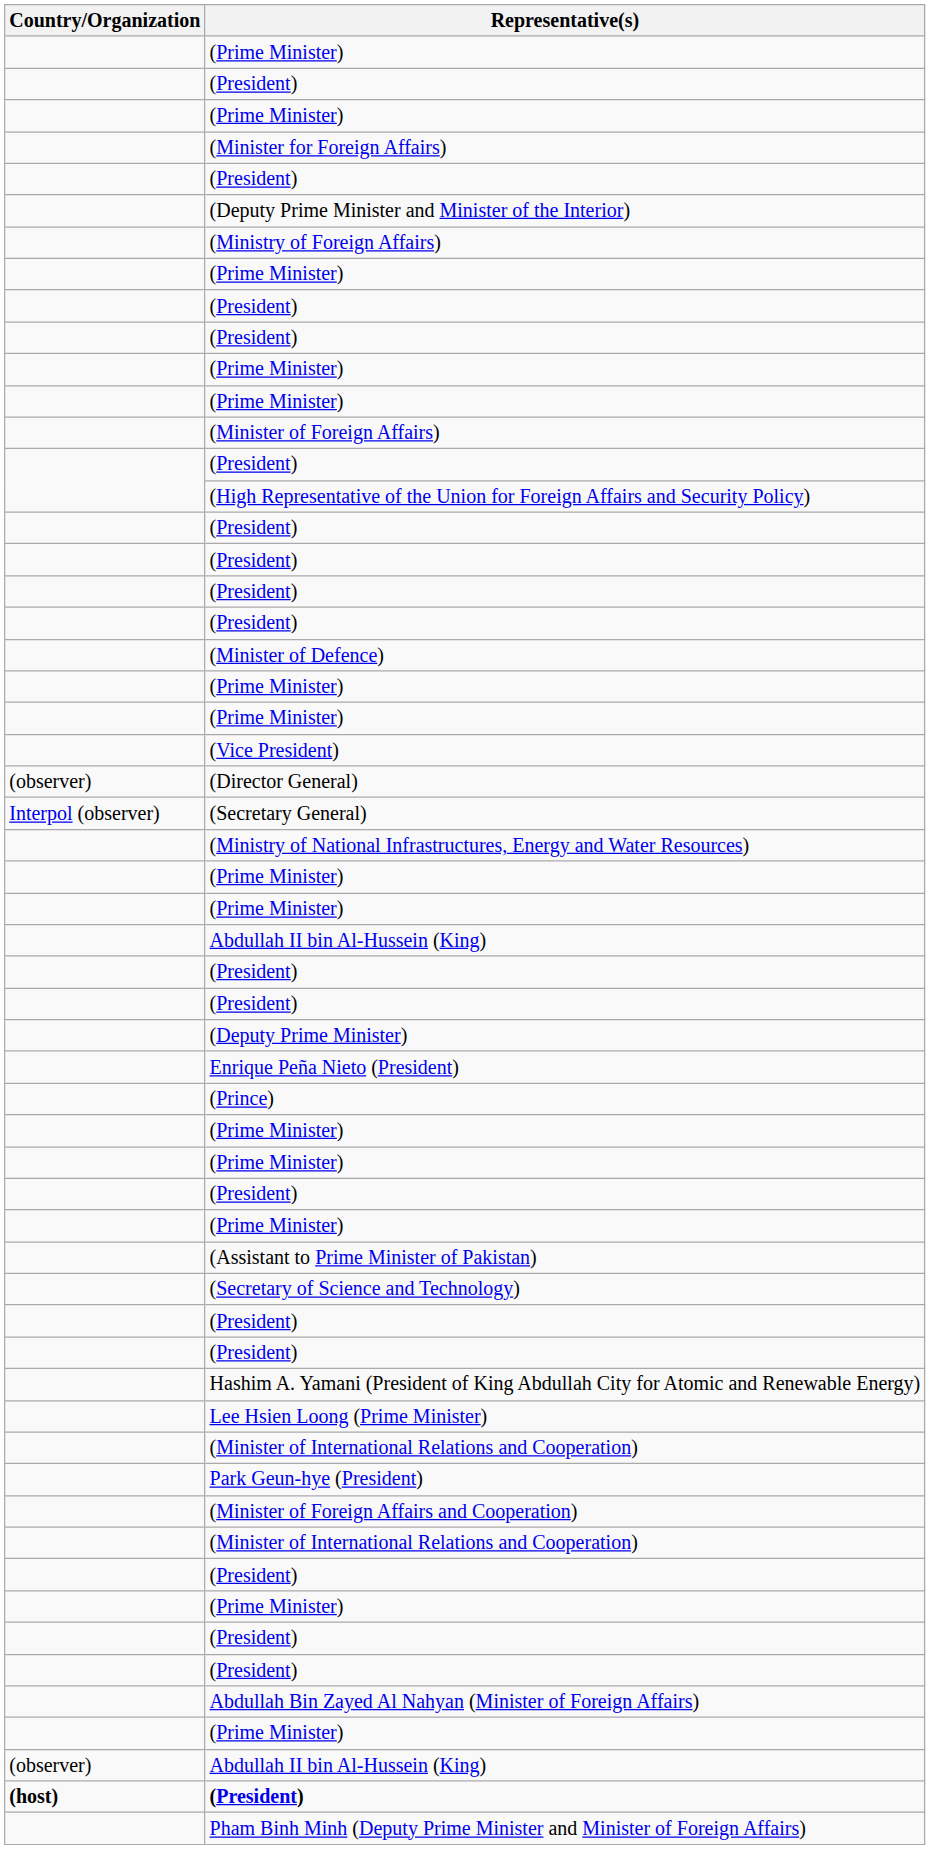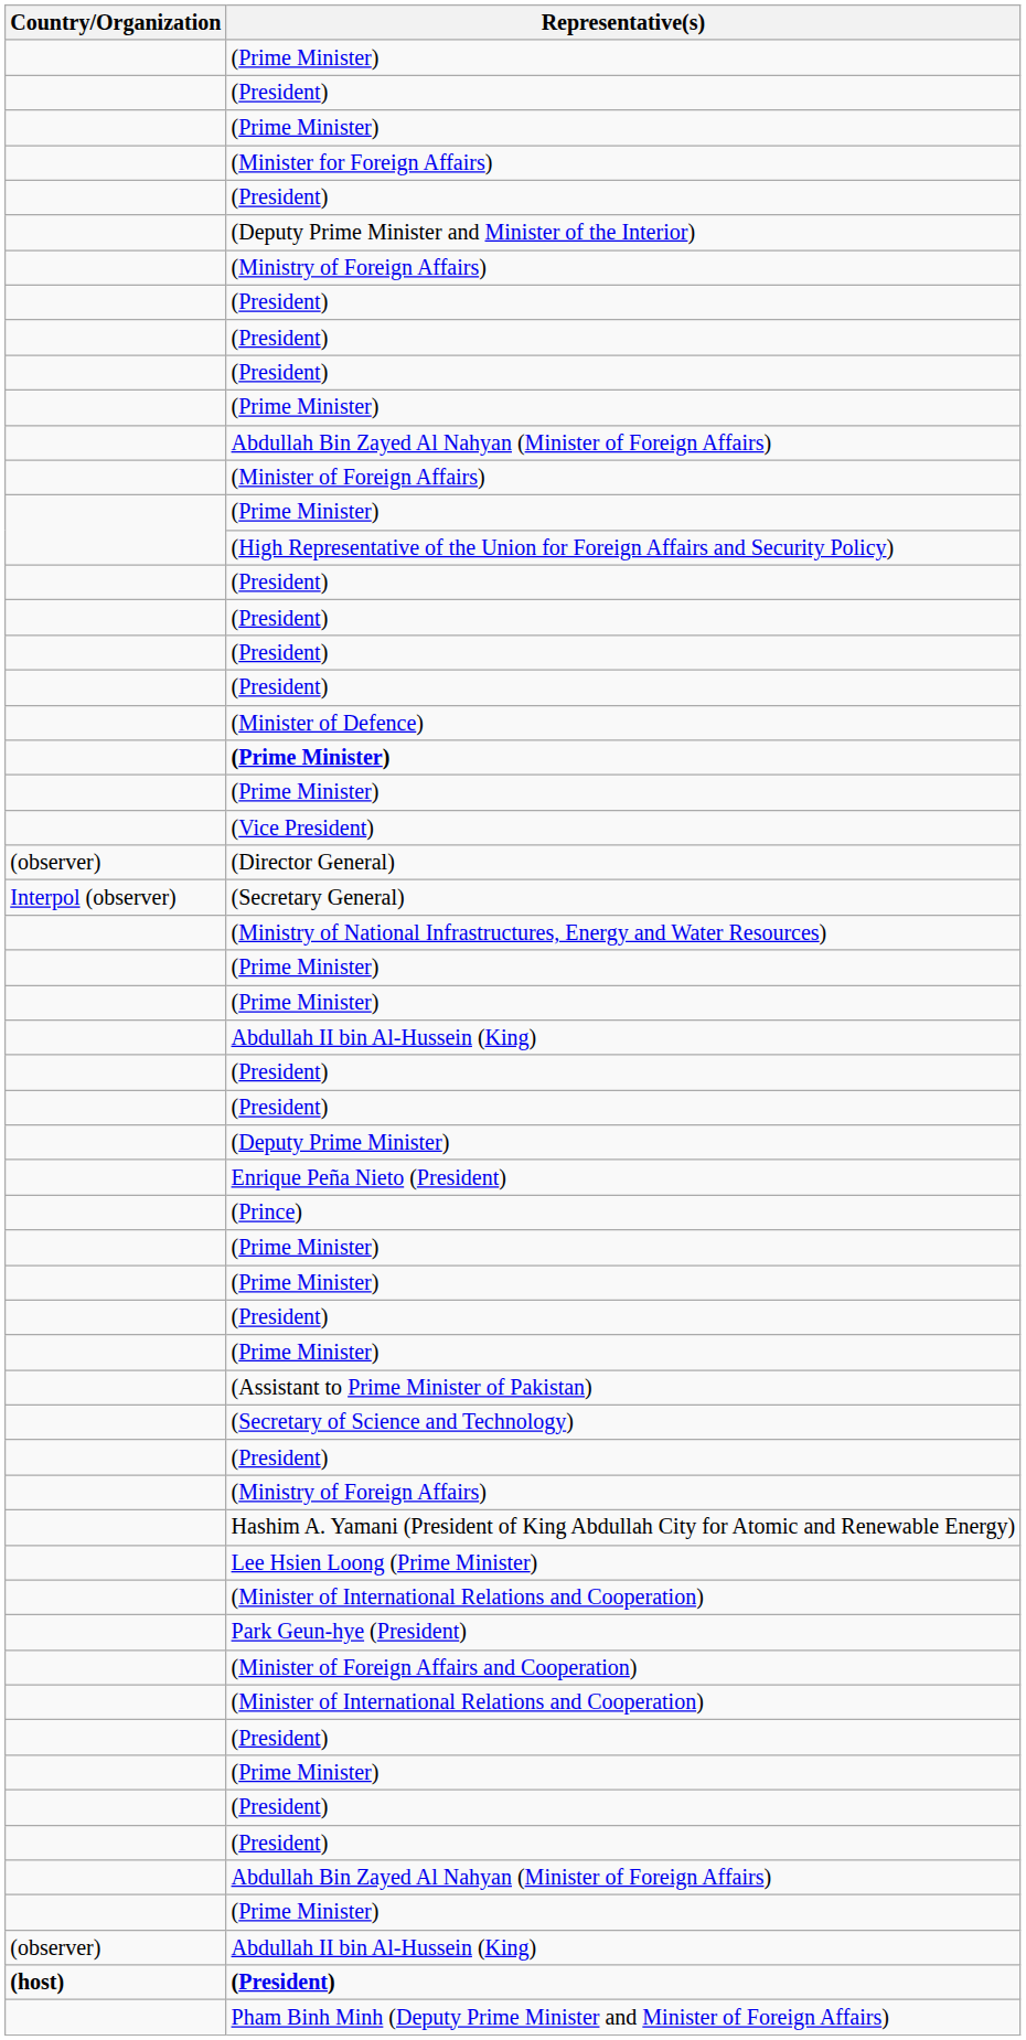 <table class="wikitable sortable">
 <tr>
 <th>Country/Organization</th>
 <th>Representative(s)</th>
 </tr>
 <tr>
 <td></td>
 <td> (<a href='#'>Prime Minister</a>)</td>
 </tr>
 <tr>
 <td></td>
 <td> (<a href='#'>President</a>)</td>
 </tr>
 <tr>
 <td></td>
 <td> (<a href='#'>Prime Minister</a>)</td>
 </tr>
 <tr>
 <td></td>
 <td> (<a href='#'>Minister for Foreign Affairs</a>)</td>
 </tr>
 <tr>
 <td></td>
 <td> (<a href='#'>President</a>)</td>
 </tr>
 <tr>
 <td></td>
 <td> (Deputy Prime Minister and <a href='#'>Minister of the Interior</a>)</td>
 </tr>
 <tr>
 <td></td>
 <td> (<a href='#'>Ministry of Foreign Affairs</a>)</td>
 </tr>
 <tr>
 <td></td>
-<td> (<a href='#'>Prime Minister</a>)</td>
+<td> (<a href='#'>President</a>)</td>
 </tr>
 <tr>
 <td></td>
 <td> (<a href='#'>President</a>)</td>
 </tr>
 <tr>
 <td></td>
 <td> (<a href='#'>President</a>)</td>
 </tr>
 <tr>
 <td></td>
 <td> (<a href='#'>Prime Minister</a>)</td>
 </tr>
 <tr>
 <td></td>
-<td> (<a href='#'>Prime Minister</a>)</td>
+<td><a href='#'>Abdullah Bin Zayed Al Nahyan</a> (<a href='#'>Minister of Foreign Affairs</a>)</td>
 </tr>
 <tr>
 <td></td>
 <td> (<a href='#'>Minister of Foreign Affairs</a>)</td>
 </tr>
 <tr>
 <td rowspan="2"></td>
-<td> (<a href='#'>President</a>)</td>
+<td> (<a href='#'>Prime Minister</a>)</td>
 </tr>
 <tr>
 <td> (<a href='#'>High Representative of the Union for Foreign Affairs and Security Policy</a>)</td>
 </tr>
 <tr>
 <td></td>
 <td> (<a href='#'>President</a>)</td>
 </tr>
 <tr>
 <td></td>
 <td> (<a href='#'>President</a>)</td>
 </tr>
 <tr>
 <td></td>
 <td> (<a href='#'>President</a>)</td>
 </tr>
 <tr>
 <td></td>
 <td> (<a href='#'>President</a>)</td>
 </tr>
 <tr>
 <td></td>
 <td> (<a href='#'>Minister of Defence</a>)</td>
 </tr>
 <tr>
 <td></td>
-<td> (<a href='#'>Prime Minister</a>)</td>
+<td><strong> (<a href='#'>Prime Minister</a>)</strong></td>
 </tr>
 <tr>
 <td></td>
 <td> (<a href='#'>Prime Minister</a>)</td>
 </tr>
 <tr>
 <td></td>
 <td> (<a href='#'>Vice President</a>)</td>
 </tr>
 <tr>
 <td> (observer)</td>
 <td> (Director General)</td>
 </tr>
 <tr>
 <td><a href='#'>Interpol</a> (observer)</td>
 <td> (Secretary General)</td>
 </tr>
 <tr>
 <td></td>
 <td> (<a href='#'>Ministry of National Infrastructures, Energy and Water Resources</a>)</td>
 </tr>
 <tr>
 <td></td>
 <td> (<a href='#'>Prime Minister</a>)</td>
 </tr>
 <tr>
 <td></td>
 <td> (<a href='#'>Prime Minister</a>)</td>
 </tr>
 <tr>
 <td></td>
 <td><a href='#'>Abdullah II bin Al-Hussein</a> (<a href='#'>King</a>)</td>
 </tr>
 <tr>
 <td></td>
 <td> (<a href='#'>President</a>)</td>
 </tr>
 <tr>
 <td></td>
 <td> (<a href='#'>President</a>)</td>
 </tr>
 <tr>
 <td></td>
 <td> (<a href='#'>Deputy Prime Minister</a>)</td>
 </tr>
 <tr>
 <td></td>
 <td><a href='#'>Enrique Peña Nieto</a> (<a href='#'>President</a>)</td>
 </tr>
 <tr>
 <td></td>
 <td> (<a href='#'>Prince</a>)</td>
 </tr>
 <tr>
 <td></td>
 <td> (<a href='#'>Prime Minister</a>)</td>
 </tr>
 <tr>
 <td></td>
 <td> (<a href='#'>Prime Minister</a>)</td>
 </tr>
 <tr>
 <td></td>
 <td> (<a href='#'>President</a>)</td>
 </tr>
 <tr>
 <td></td>
 <td> (<a href='#'>Prime Minister</a>)</td>
 </tr>
 <tr>
 <td></td>
 <td> (Assistant to <a href='#'>Prime Minister of Pakistan</a>)</td>
 </tr>
 <tr>
 <td></td>
 <td> (<a href='#'>Secretary of Science and Technology</a>)</td>
 </tr>
 <tr>
 <td></td>
 <td> (<a href='#'>President</a>)</td>
 </tr>
 <tr>
 <td></td>
-<td> (<a href='#'>President</a>)</td>
+<td> (<a href='#'>Ministry of Foreign Affairs</a>)</td>
 </tr>
 <tr>
 <td></td>
 <td>Hashim A. Yamani (President of King Abdullah City for Atomic and Renewable Energy)</td>
 </tr>
 <tr>
 <td></td>
 <td><a href='#'>Lee Hsien Loong</a> (<a href='#'>Prime Minister</a>)</td>
 </tr>
 <tr>
 <td></td>
 <td> (<a href='#'>Minister of International Relations and Cooperation</a>)</td>
 </tr>
 <tr>
 <td></td>
 <td><a href='#'>Park Geun-hye</a> (<a href='#'>President</a>)</td>
 </tr>
 <tr>
 <td></td>
 <td> (<a href='#'>Minister of Foreign Affairs and Cooperation</a>)</td>
 </tr>
 <tr>
 <td></td>
 <td> (<a href='#'>Minister of International Relations and Cooperation</a>)</td>
 </tr>
 <tr>
 <td></td>
 <td> (<a href='#'>President</a>)</td>
 </tr>
 <tr>
 <td></td>
 <td> (<a href='#'>Prime Minister</a>)</td>
 </tr>
 <tr>
 <td></td>
 <td> (<a href='#'>President</a>)</td>
 </tr>
 <tr>
 <td></td>
 <td> (<a href='#'>President</a>)</td>
 </tr>
 <tr>
 <td></td>
 <td><a href='#'>Abdullah Bin Zayed Al Nahyan</a> (<a href='#'>Minister of Foreign Affairs</a>)</td>
 </tr>
 <tr>
 <td></td>
 <td> (<a href='#'>Prime Minister</a>)</td>
 </tr>
 <tr>
 <td> (observer)</td>
 <td><a href='#'>Abdullah II bin Al-Hussein</a> (<a href='#'>King</a>)</td>
 </tr>
 <tr>
 <td><strong> (host)</strong></td>
 <td><strong> (<a href='#'>President</a>)</strong></td>
 </tr>
 <tr>
 <td></td>
 <td><a href='#'>Pham Binh Minh</a> (<a href='#'>Deputy Prime Minister</a> and <a href='#'>Minister of Foreign Affairs</a>)</td>
 </tr>
 </table>
